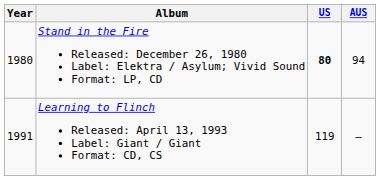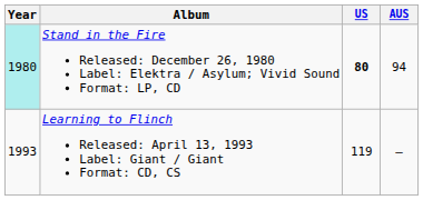 <table class="wikitable">
 <tr>
 <th>Year</th>
 <th>Album</th>
 <th style="width:3em;font-size:90%;"><a href='#'>US</a><br></th>
 <th style="width:3em;font-size:90%;"><a href='#'>AUS</a><br></th>
 </tr>
 <tr>
-<td>1980</td>
+<td style="background: paleturquoise;">1980</td>
 <td><em><a href='#'>Stand in the Fire</a></em><br><ul><li>Released: December 26, 1980</li><li>Label: Elektra / Asylum; Vivid Sound</li><li>Format: LP, CD</li></ul></td>
 <td style="text-align:center;"><strong>80</strong></td>
 <td style="text-align:center;">94</td>
 </tr>
 <tr>
-<td>1991</td>
+<td>1993</td>
 <td><em><a href='#'>Learning to Flinch</a></em><br><ul><li>Released: April 13, 1993</li><li>Label: Giant / Giant</li><li>Format: CD, CS</li></ul></td>
 <td style="text-align:center;">119</td>
 <td style="text-align:center;">—</td>
 </tr>
 </table>
